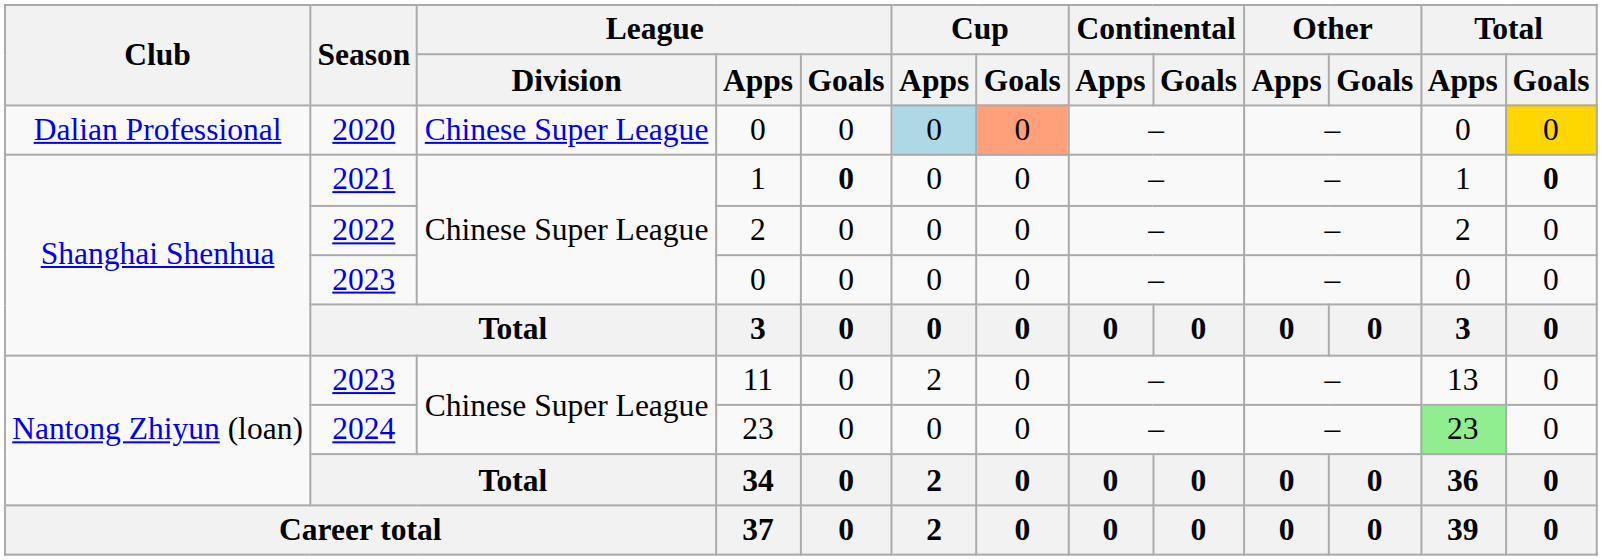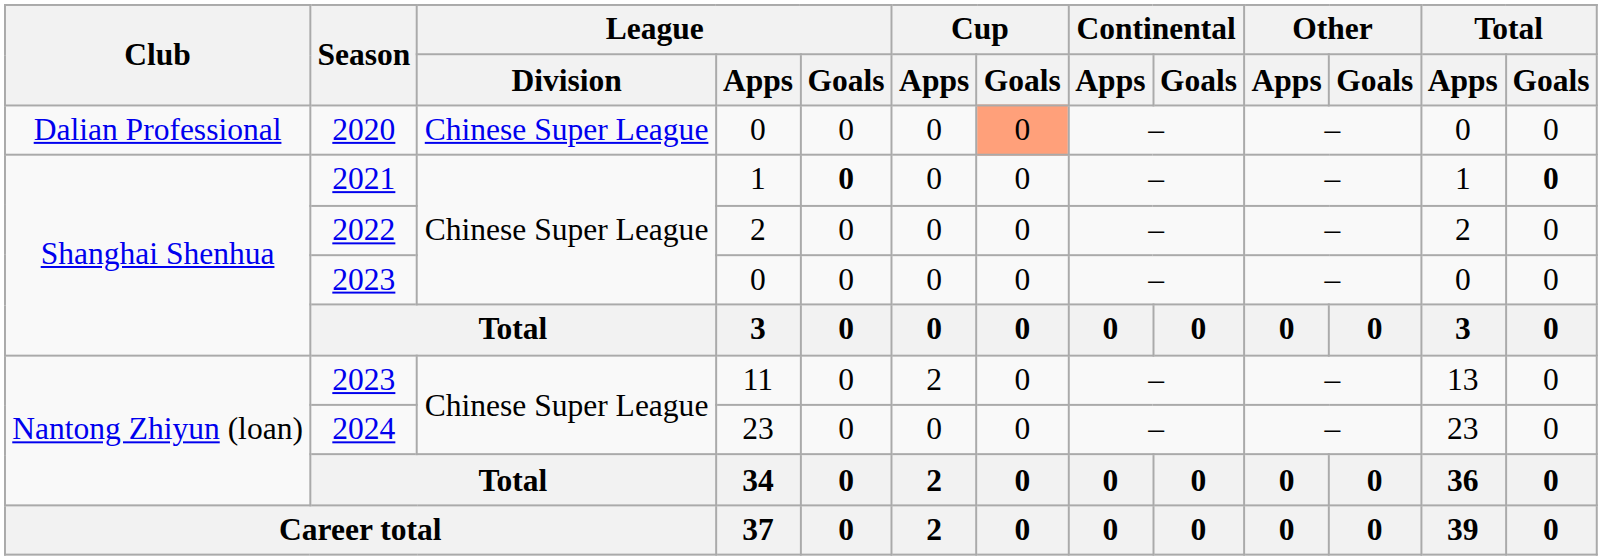 <table class="wikitable" style="text-align: center">
 <tr>
 <th rowspan="2">Club</th>
 <th rowspan="2">Season</th>
 <th colspan="3">League</th>
 <th colspan="2">Cup</th>
 <th colspan="2">Continental</th>
 <th colspan="2">Other</th>
 <th colspan="2">Total</th>
 </tr>
 <tr>
 <th>Division</th>
 <th>Apps</th>
 <th>Goals</th>
 <th>Apps</th>
 <th>Goals</th>
 <th>Apps</th>
 <th>Goals</th>
 <th>Apps</th>
 <th>Goals</th>
 <th>Apps</th>
 <th>Goals</th>
 </tr>
 <tr>
 <td><a href='#'>Dalian Professional</a></td>
 <td><a href='#'>2020</a></td>
 <td><a href='#'>Chinese Super League</a></td>
 <td>0</td>
 <td>0</td>
-<td style="background: lightblue;">0</td>
+<td>0</td>
 <td style="background: lightsalmon;">0</td>
 <td colspan="2">–</td>
 <td colspan="2">–</td>
 <td>0</td>
-<td style="background: gold;">0</td>
+<td>0</td>
 </tr>
 <tr>
 <td rowspan=4><a href='#'>Shanghai Shenhua</a></td>
 <td><a href='#'>2021</a></td>
 <td rowspan=3>Chinese Super League</td>
 <td>1</td>
 <td><strong>0</strong></td>
 <td>0</td>
 <td>0</td>
 <td colspan="2">–</td>
 <td colspan="2">–</td>
 <td>1</td>
 <td><strong>0</strong></td>
 </tr>
 <tr>
 <td><a href='#'>2022</a></td>
 <td>2</td>
 <td>0</td>
 <td>0</td>
 <td>0</td>
 <td colspan="2">–</td>
 <td colspan="2">–</td>
 <td>2</td>
 <td>0</td>
 </tr>
 <tr>
 <td><a href='#'>2023</a></td>
 <td>0</td>
 <td>0</td>
 <td>0</td>
 <td>0</td>
 <td colspan="2">–</td>
 <td colspan="2">–</td>
 <td>0</td>
 <td>0</td>
 </tr>
 <tr>
 <th colspan=2>Total</th>
 <th>3</th>
 <th>0</th>
 <th>0</th>
 <th>0</th>
 <th>0</th>
 <th>0</th>
 <th>0</th>
 <th>0</th>
 <th>3</th>
 <th>0</th>
 </tr>
 <tr>
 <td rowspan=3><a href='#'>Nantong Zhiyun</a> (loan)</td>
 <td><a href='#'>2023</a></td>
 <td rowspan=2>Chinese Super League</td>
 <td>11</td>
 <td>0</td>
 <td>2</td>
 <td>0</td>
 <td colspan="2">–</td>
 <td colspan="2">–</td>
 <td>13</td>
 <td>0</td>
 </tr>
 <tr>
 <td><a href='#'>2024</a></td>
 <td>23</td>
 <td>0</td>
 <td>0</td>
 <td>0</td>
 <td colspan="2">–</td>
 <td colspan="2">–</td>
-<td style="background: lightgreen;">23</td>
+<td>23</td>
 <td>0</td>
 </tr>
 <tr>
 <th colspan=2>Total</th>
 <th>34</th>
 <th>0</th>
 <th>2</th>
 <th>0</th>
 <th>0</th>
 <th>0</th>
 <th>0</th>
 <th>0</th>
 <th>36</th>
 <th>0</th>
 </tr>
 <tr>
 <th colspan=3>Career total</th>
 <th>37</th>
 <th>0</th>
 <th>2</th>
 <th>0</th>
 <th>0</th>
 <th>0</th>
 <th>0</th>
 <th>0</th>
 <th>39</th>
 <th>0</th>
 </tr>
 </table>
